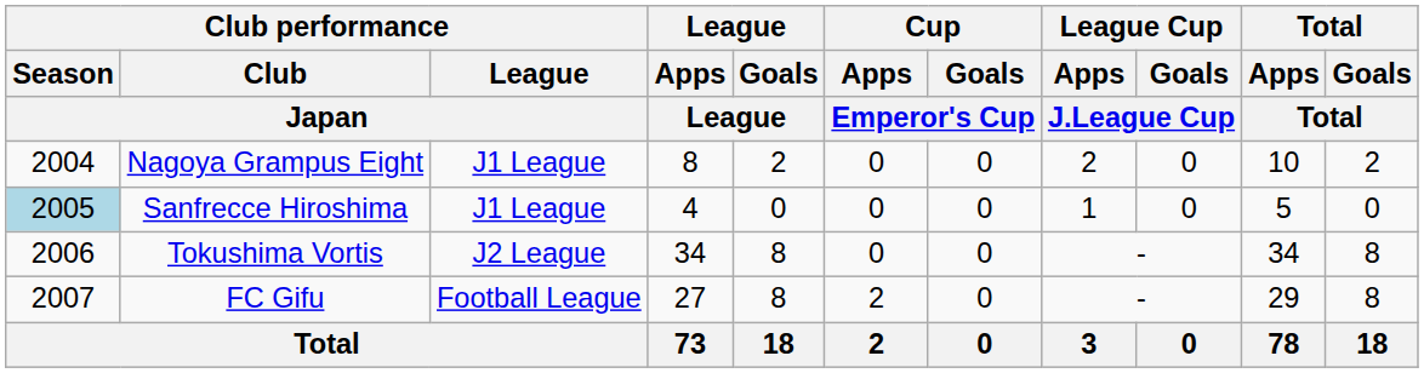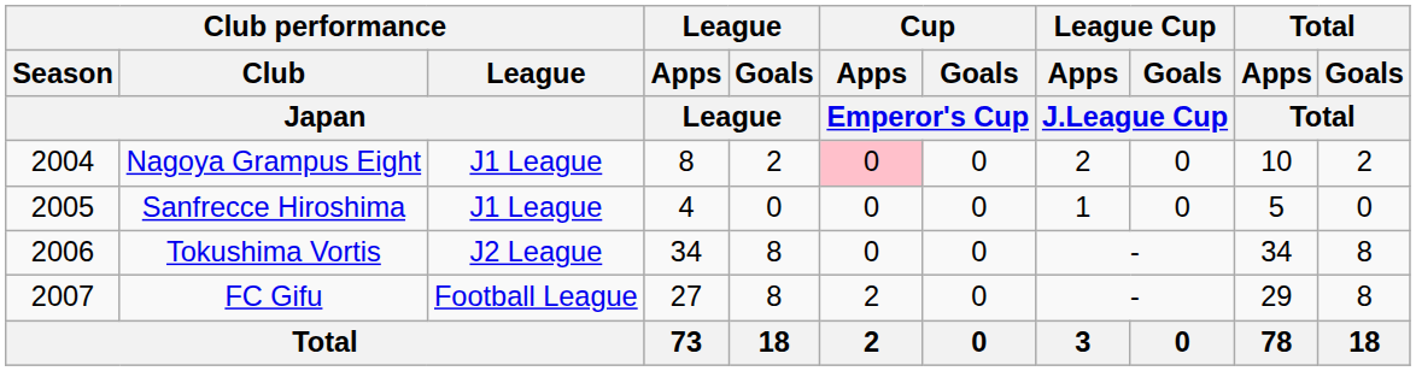 <table class="wikitable" style="text-align:center;">
 <tr>
 <th colspan=3>Club performance</th>
 <th colspan=2>League</th>
 <th colspan=2>Cup</th>
 <th colspan=2>League Cup</th>
 <th colspan=2>Total</th>
 </tr>
 <tr>
 <th>Season</th>
 <th>Club</th>
 <th>League</th>
 <th>Apps</th>
 <th>Goals</th>
 <th>Apps</th>
 <th>Goals</th>
 <th>Apps</th>
 <th>Goals</th>
 <th>Apps</th>
 <th>Goals</th>
 </tr>
 <tr>
 <th colspan=3>Japan</th>
 <th colspan=2>League</th>
 <th colspan=2><a href='#'>Emperor's Cup</a></th>
 <th colspan=2><a href='#'>J.League Cup</a></th>
 <th colspan=2>Total</th>
 </tr>
 <tr>
 <td>2004</td>
 <td><a href='#'>Nagoya Grampus Eight</a></td>
 <td><a href='#'>J1 League</a></td>
 <td>8</td>
 <td>2</td>
-<td>0</td>
+<td style="background: pink;">0</td>
 <td>0</td>
 <td>2</td>
 <td>0</td>
 <td>10</td>
 <td>2</td>
 </tr>
 <tr>
-<td style="background: lightblue;">2005</td>
+<td>2005</td>
 <td><a href='#'>Sanfrecce Hiroshima</a></td>
 <td><a href='#'>J1 League</a></td>
 <td>4</td>
 <td>0</td>
 <td>0</td>
 <td>0</td>
 <td>1</td>
 <td>0</td>
 <td>5</td>
 <td>0</td>
 </tr>
 <tr>
 <td>2006</td>
 <td><a href='#'>Tokushima Vortis</a></td>
 <td><a href='#'>J2 League</a></td>
 <td>34</td>
 <td>8</td>
 <td>0</td>
 <td>0</td>
 <td colspan="2">-</td>
 <td>34</td>
 <td>8</td>
 </tr>
 <tr>
 <td>2007</td>
 <td><a href='#'>FC Gifu</a></td>
 <td><a href='#'>Football League</a></td>
 <td>27</td>
 <td>8</td>
 <td>2</td>
 <td>0</td>
 <td colspan="2">-</td>
 <td>29</td>
 <td>8</td>
 </tr>
 <tr>
 <th colspan=3>Total</th>
 <th>73</th>
 <th>18</th>
 <th>2</th>
 <th>0</th>
 <th>3</th>
 <th>0</th>
 <th>78</th>
 <th>18</th>
 </tr>
 </table>
